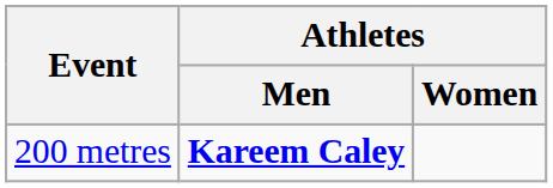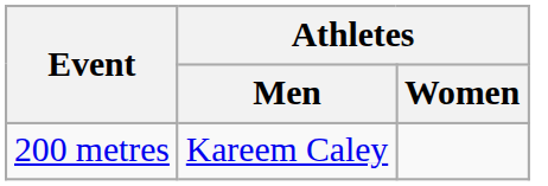 <table class=wikitable style="font-size:90%">
 <tr>
 <th rowspan=2>Event</th>
 <th colspan=2>Athletes</th>
 </tr>
 <tr>
 <th>Men</th>
 <th>Women</th>
 </tr>
 <tr>
 <td><a href='#'>200 metres</a></td>
-<td><strong><a href='#'>Kareem Caley</a></strong></td>
+<td><a href='#'>Kareem Caley</a></td>
 <td></td>
 </tr>
 </table>
